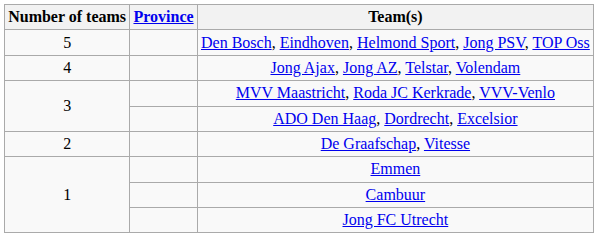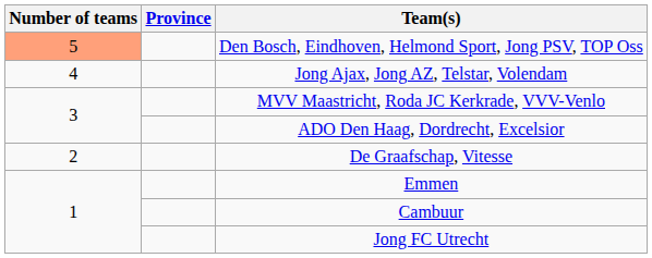 <table class="wikitable" style="text-align:center">
 <tr>
 <th>Number of teams</th>
 <th><a href='#'>Province</a></th>
 <th>Team(s)</th>
 </tr>
 <tr>
-<td>5</td>
+<td style="background: lightsalmon;">5</td>
 <td align="left"></td>
 <td><a href='#'>Den Bosch</a>, <a href='#'>Eindhoven</a>, <a href='#'>Helmond Sport</a>, <a href='#'>Jong PSV</a>, <a href='#'>TOP Oss</a></td>
 </tr>
 <tr>
 <td>4</td>
 <td align="left"></td>
 <td><a href='#'>Jong Ajax</a>, <a href='#'>Jong AZ</a>, <a href='#'>Telstar</a>, <a href='#'>Volendam</a></td>
 </tr>
 <tr>
 <td rowspan="2">3</td>
 <td align="left"></td>
 <td><a href='#'>MVV Maastricht</a>, <a href='#'>Roda JC Kerkrade</a>, <a href='#'>VVV-Venlo</a></td>
 </tr>
 <tr>
 <td align="left"></td>
 <td><a href='#'>ADO Den Haag</a>, <a href='#'>Dordrecht</a>, <a href='#'>Excelsior</a></td>
 </tr>
 <tr>
 <td>2</td>
 <td align="left"></td>
 <td><a href='#'>De Graafschap</a>, <a href='#'>Vitesse</a></td>
 </tr>
 <tr>
 <td rowspan="3">1</td>
 <td align="left"></td>
 <td><a href='#'>Emmen</a></td>
 </tr>
 <tr>
 <td align="left"></td>
 <td><a href='#'>Cambuur</a></td>
 </tr>
 <tr>
 <td align="left"></td>
 <td><a href='#'>Jong FC Utrecht</a></td>
 </tr>
 </table>
